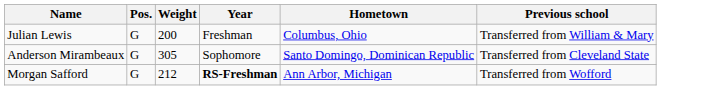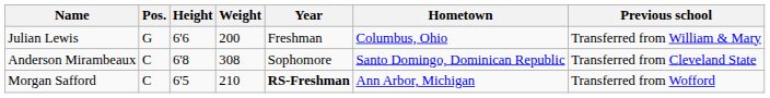 <table class="wikitable sortable" border="1">
 <tr align=center>
 <th>Name</th>
 <th>Pos.</th>
+<th>Height</th>
 <th>Weight</th>
 <th>Year</th>
 <th>Hometown</th>
 <th>Previous school</th>
 </tr>
 <tr>
 <td>Julian Lewis</td>
 <td>G</td>
+<td>6'6</td>
 <td>200</td>
 <td>Freshman</td>
 <td><a href='#'>Columbus, Ohio</a></td>
 <td>Transferred from <a href='#'>William & Mary</a></td>
 </tr>
 <tr>
 <td>Anderson Mirambeaux</td>
-<td>G</td>
-<td>305</td>
+<td>C</td>
+<td>6'8</td>
+<td>308</td>
 <td>Sophomore</td>
 <td><a href='#'>Santo Domingo, Dominican Republic</a></td>
 <td>Transferred from <a href='#'>Cleveland State</a></td>
 </tr>
 <tr>
 <td>Morgan Safford</td>
-<td>G</td>
-<td>212</td>
+<td>C</td>
+<td>6'5</td>
+<td>210</td>
 <td><strong>RS-Freshman</strong></td>
 <td><a href='#'>Ann Arbor, Michigan</a></td>
 <td>Transferred from <a href='#'>Wofford</a></td>
 </tr>
 </table>
